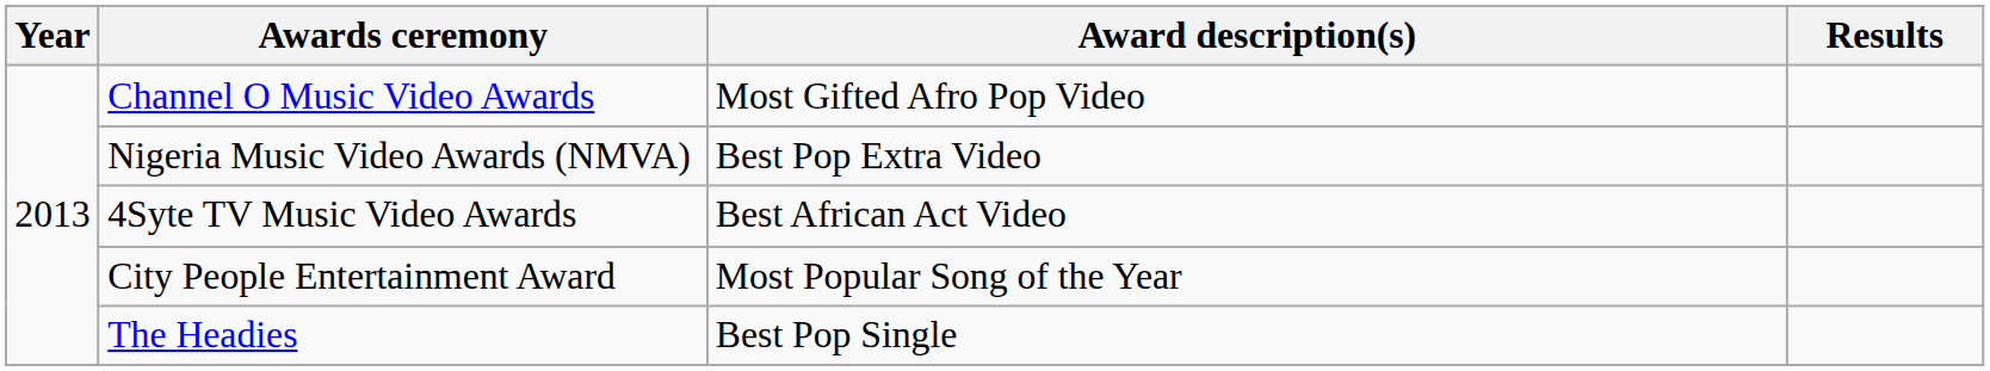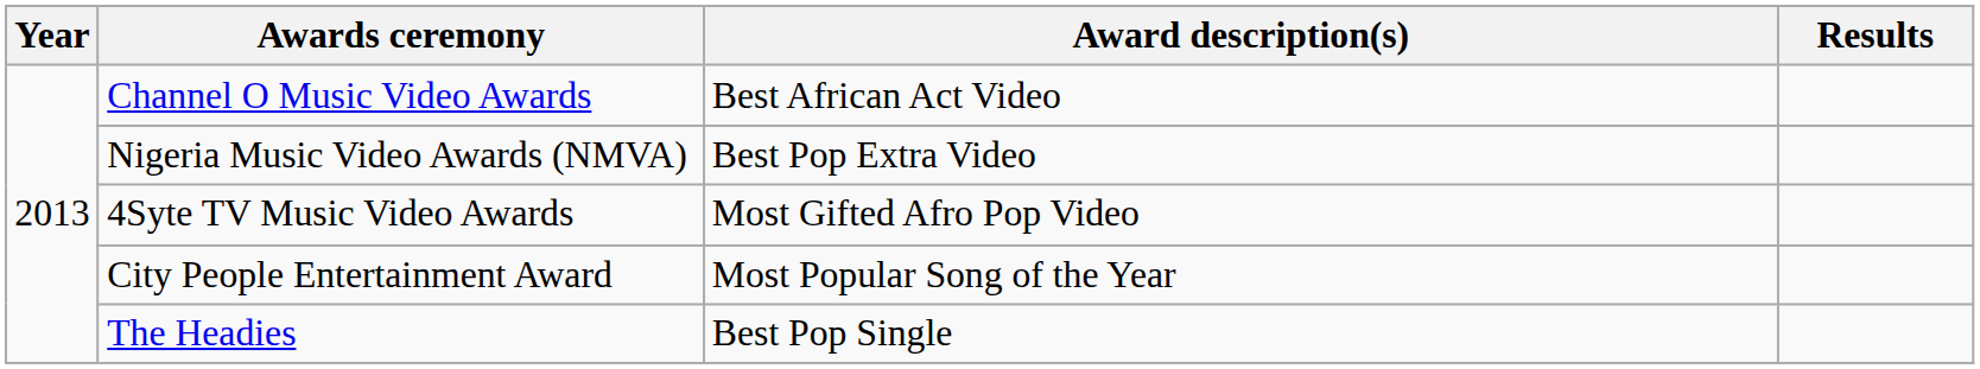 <table class="wikitable">
 <tr>
 <th>Year</th>
 <th width="250">Awards ceremony</th>
 <th width="450">Award description(s)</th>
 <th width="75">Results</th>
 </tr>
 <tr>
 <td rowspan="5">2013</td>
 <td><a href='#'>Channel O Music Video Awards</a></td>
-<td>Most Gifted Afro Pop Video</td>
+<td>Best African Act Video</td>
 <td></td>
 </tr>
 <tr>
 <td>Nigeria Music Video Awards (NMVA)</td>
 <td>Best Pop Extra Video</td>
 <td></td>
 </tr>
 <tr>
 <td>4Syte TV Music Video Awards</td>
-<td>Best African Act Video</td>
+<td>Most Gifted Afro Pop Video</td>
 <td></td>
 </tr>
 <tr>
 <td>City People Entertainment Award</td>
 <td>Most Popular Song of the Year</td>
 <td></td>
 </tr>
 <tr>
 <td><a href='#'>The Headies</a></td>
 <td>Best Pop Single</td>
 <td></td>
 </tr>
 </table>
